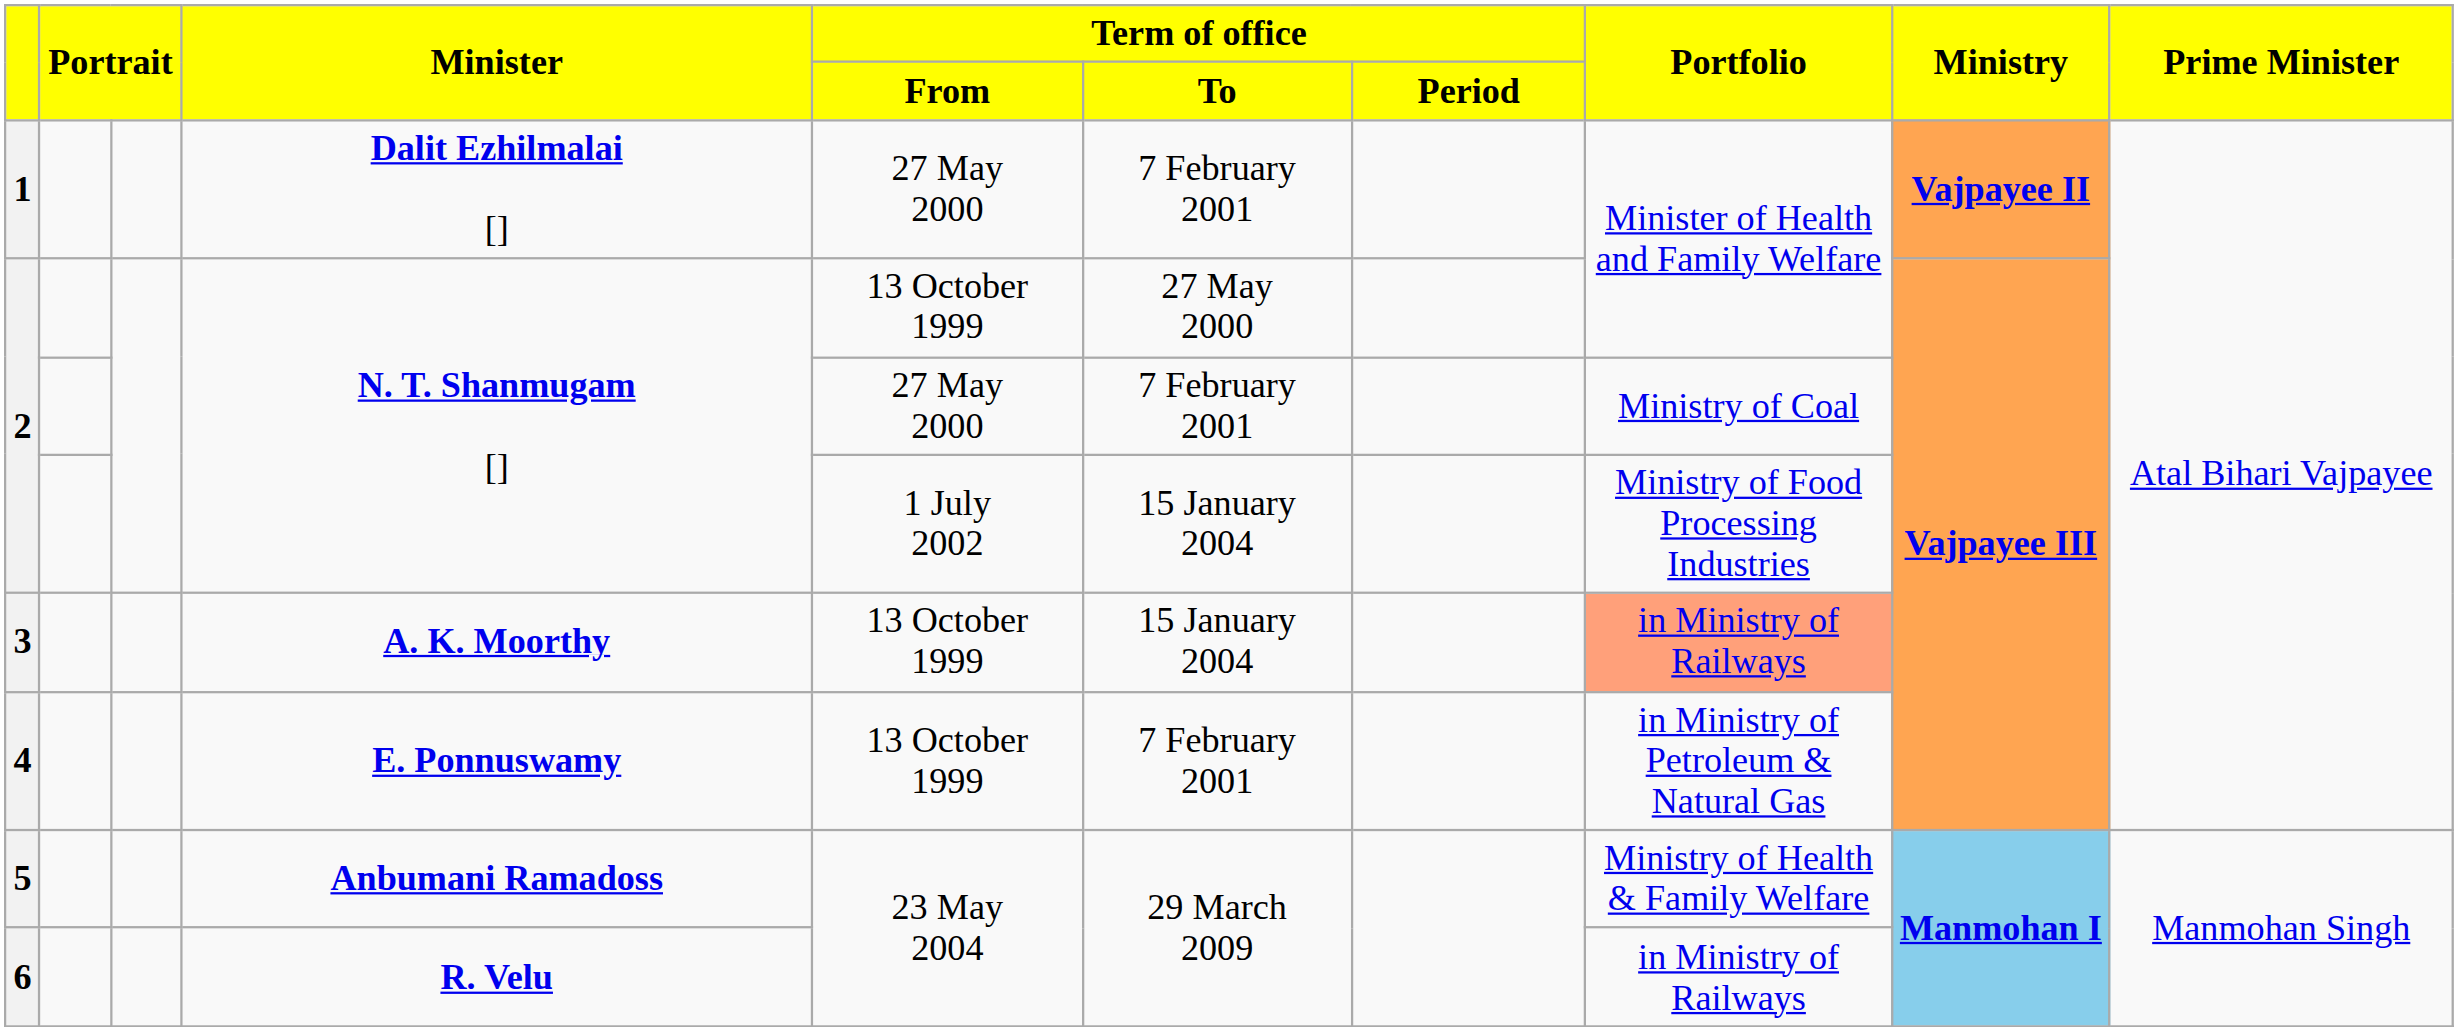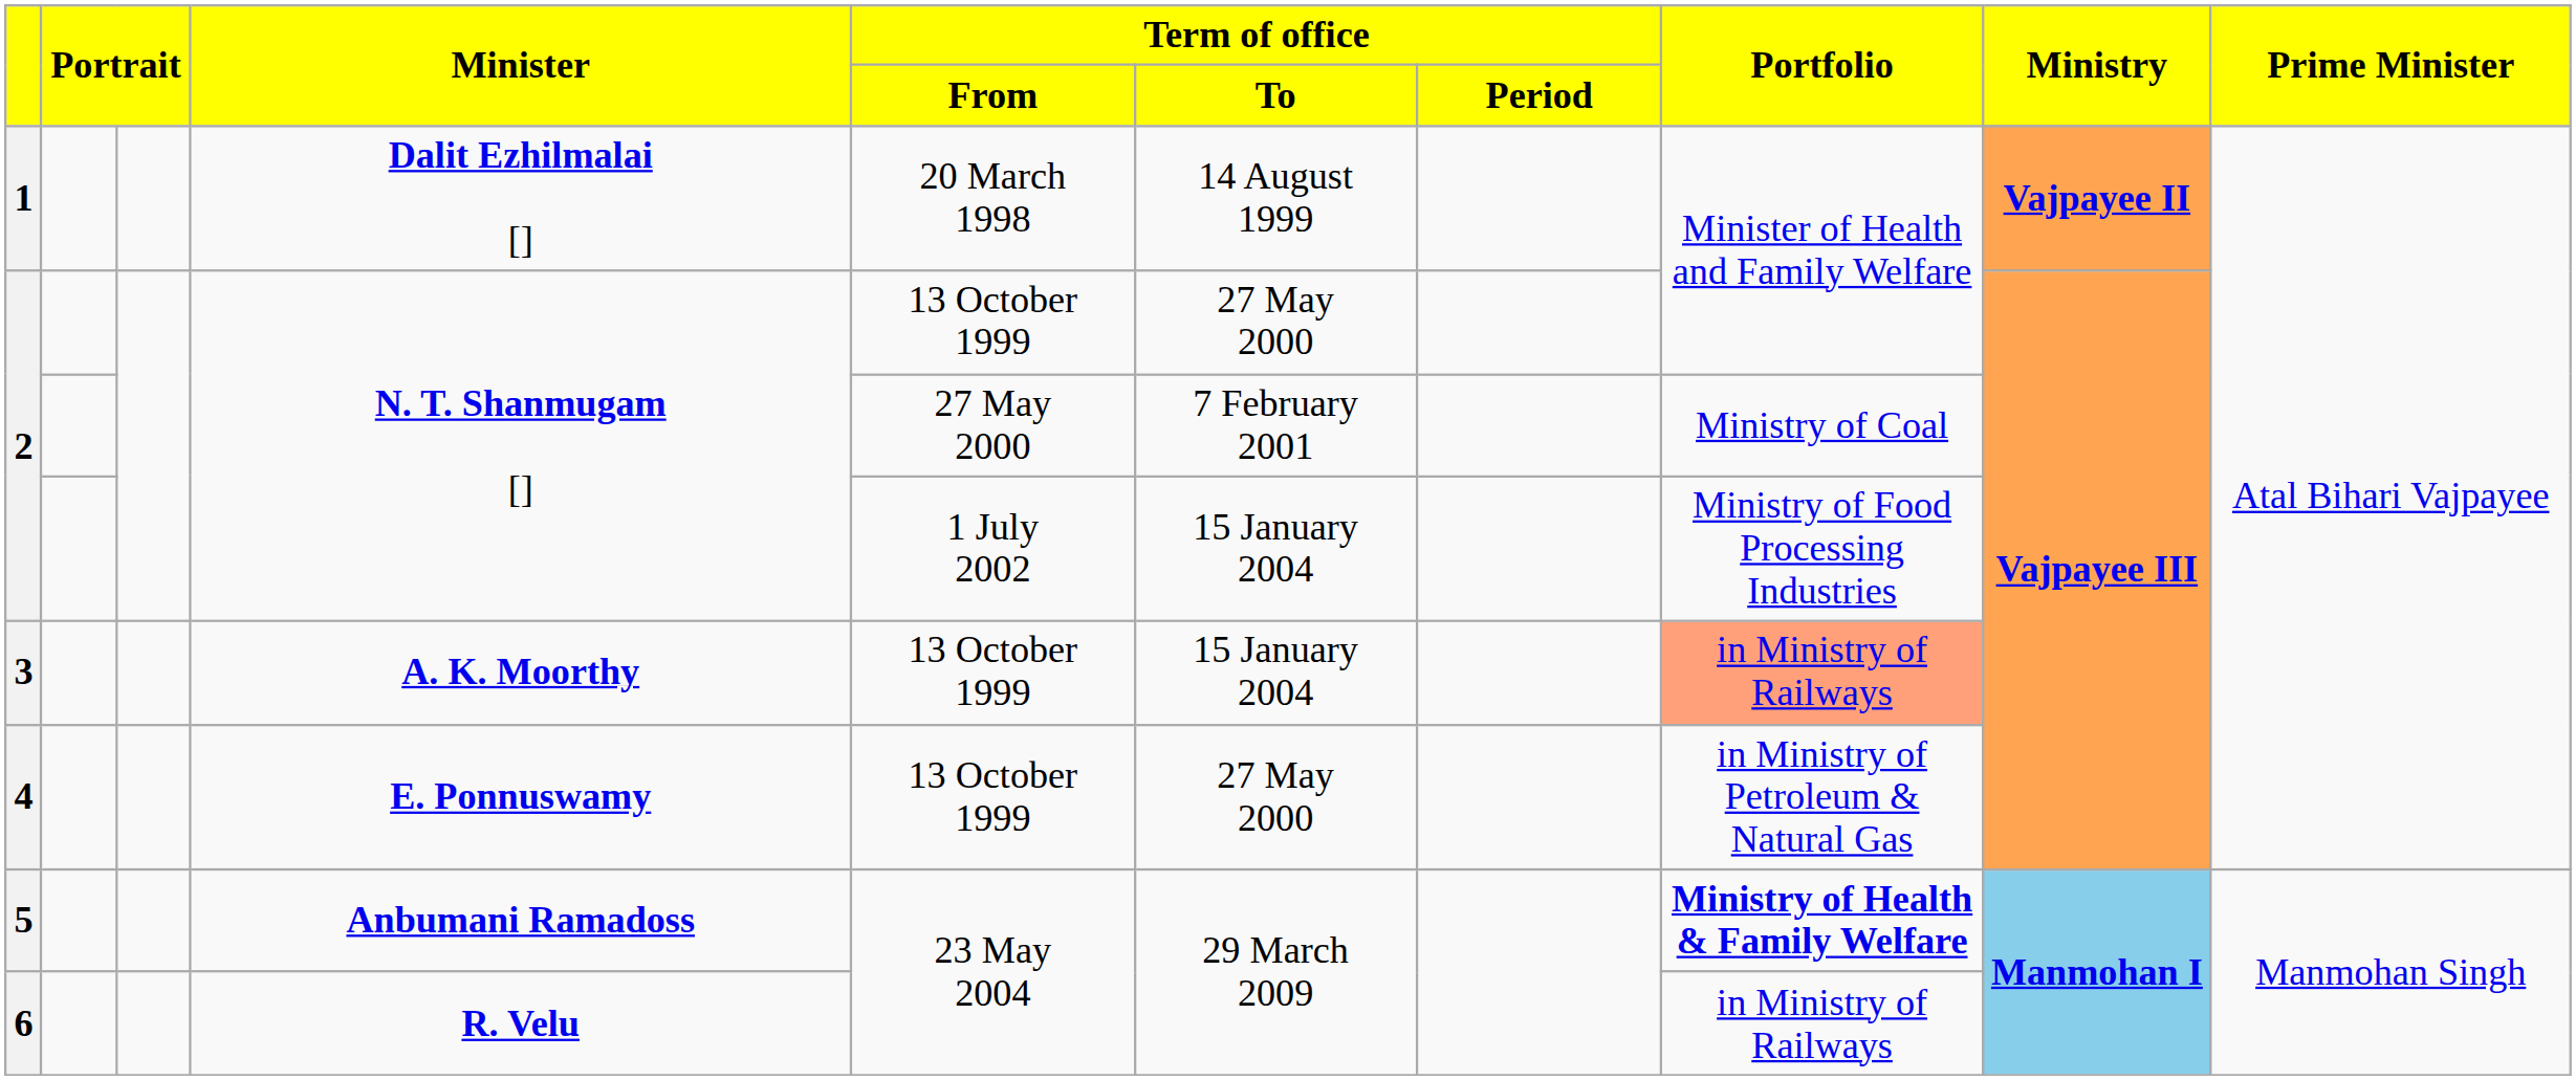 <table class="wikitable" style="text-align:center">
 <tr>
 <th rowspan="2" style="background-color:yellow"></th>
 <th rowspan="2" colspan="2" style="background-color:yellow">Portrait</th>
 <th rowspan="2" style="background-color:yellow; width:17em">Minister<br></th>
 <th colspan="3" style="background-color:yellow">Term of office</th>
 <th rowspan="2" style="background-color:yellow; width:8em">Portfolio</th>
 <th rowspan="2" style="background-color:yellow">Ministry</th>
 <th rowspan="2" style="background-color:yellow; width:9em">Prime Minister</th>
 </tr>
 <tr>
 <th style="background-color:yellow; width:7em">From</th>
 <th style="background-color:yellow; width:7em">To</th>
 <th style="background-color:yellow; width:6em">Period</th>
 </tr>
 <tr>
 <th>1</th>
 <td></td>
 <td></td>
 <td><strong><a href='#'>Dalit Ezhilmalai</a></strong><br><br>[]</td>
-<td>27 May <br>2000</td>
-<td>7 February<br>2001</td>
+<td>20 March<br>1998</td>
+<td>14 August<br>1999</td>
 <td><strong></strong></td>
 <td rowspan="2"><a href='#'>Minister of Health and Family Welfare</a></td>
 <td style="background:#FFA551;"><strong><a href='#'>Vajpayee II</a></strong></td>
 <td rowspan="6"><a href='#'>Atal Bihari Vajpayee</a></td>
 </tr>
 <tr>
 <th rowspan="3">2</th>
 <td></td>
 <td rowspan="3"></td>
 <td rowspan="3"><strong><a href='#'>N. T. Shanmugam</a></strong><br><br>[]</td>
 <td>13 October<br>1999</td>
 <td>27 May<br>2000</td>
 <td><strong></strong></td>
 <td rowspan="5", style="background:#FFA551;"><strong><a href='#'>Vajpayee III</a></strong></td>
 </tr>
 <tr>
 <td></td>
 <td>27 May <br>2000</td>
 <td>7 February<br>2001</td>
 <td><strong></strong></td>
 <td><a href='#'>Ministry of Coal</a></td>
 </tr>
 <tr>
 <td></td>
 <td>1 July<br>2002</td>
 <td>15 January<br>2004</td>
 <td><strong></strong></td>
 <td><a href='#'>Ministry of Food Processing Industries</a></td>
 </tr>
 <tr>
 <th>3</th>
 <td></td>
 <td></td>
 <td><strong><a href='#'>A. K. Moorthy</a></strong><br></td>
 <td>13 October<br>1999</td>
 <td>15 January<br>2004</td>
 <td><strong></strong></td>
 <td style="background: lightsalmon;"><a href='#'><strong></strong> in Ministry of Railways</a></td>
 </tr>
 <tr>
 <th>4</th>
 <td></td>
 <td></td>
 <td><strong><a href='#'>E. Ponnuswamy</a></strong><br></td>
 <td>13 October<br>1999</td>
-<td>7 February<br>2001</td>
+<td>27 May<br>2000</td>
 <td><strong></strong></td>
 <td><a href='#'><strong></strong> in Ministry of Petroleum & Natural Gas</a></td>
 </tr>
 <tr>
 <th>5</th>
 <td></td>
 <td></td>
 <td><strong><a href='#'>Anbumani Ramadoss</a></strong><br></td>
 <td rowspan="2">23 May<br>2004</td>
 <td rowspan="2">29 March<br>2009</td>
 <td rowspan="2"><strong></strong></td>
-<td><a href='#'>Ministry of Health & Family Welfare</a></td>
+<td><strong><a href='#'>Ministry of Health & Family Welfare</a></strong></td>
 <td rowspan="2", bgcolor="#87CEEB"><a href='#'><strong>Manmohan I</strong></a></td>
 <td rowspan="2"><a href='#'>Manmohan Singh</a></td>
 </tr>
 <tr>
 <th>6</th>
 <td></td>
 <td></td>
 <td><strong><a href='#'>R. Velu</a></strong><br></td>
 <td><a href='#'><strong></strong> in Ministry of Railways</a></td>
 </tr>
 <tr>
 </tr>
 </table>
